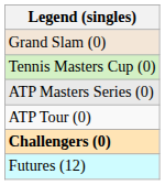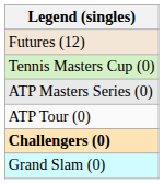 <table class="wikitable">
 <tr>
 <th>Legend (singles)</th>
 </tr>
 <tr style="background:#f3e6d7;">
-<td>Grand Slam (0)</td>
+<td>Futures (12)</td>
 </tr>
 <tr style="background:#d4f1c5;">
 <td>Tennis Masters Cup (0)</td>
 </tr>
 <tr style="background:#e9e9e9;">
 <td>ATP Masters Series (0)</td>
 </tr>
 <tr>
 <td>ATP Tour (0)</td>
 </tr>
 <tr bgcolor="moccasin">
 <td><strong>Challengers (0)</strong></td>
 </tr>
 <tr style="background:#cffcff;">
-<td>Futures (12)</td>
+<td>Grand Slam (0)</td>
 </tr>
 </table>
